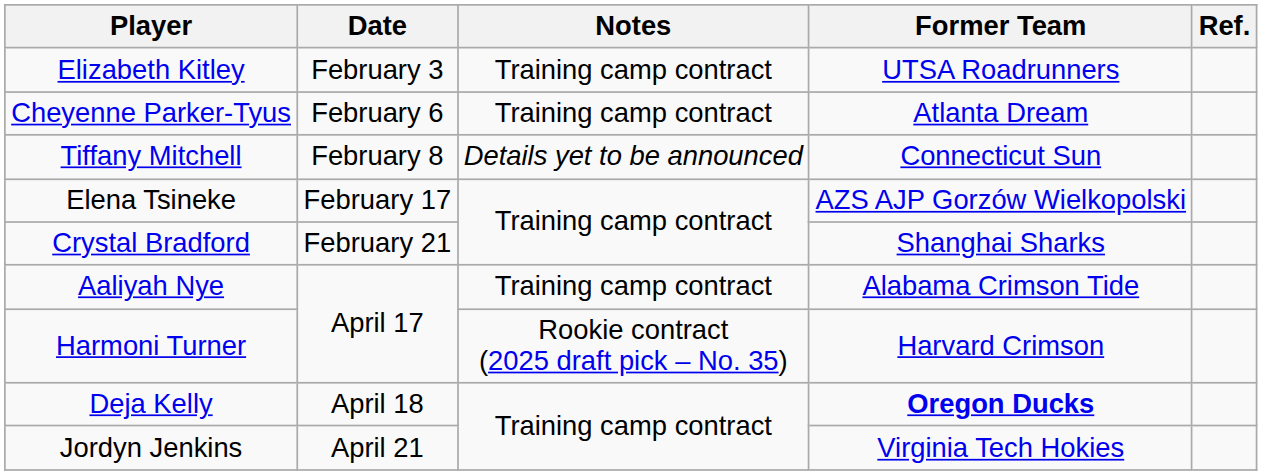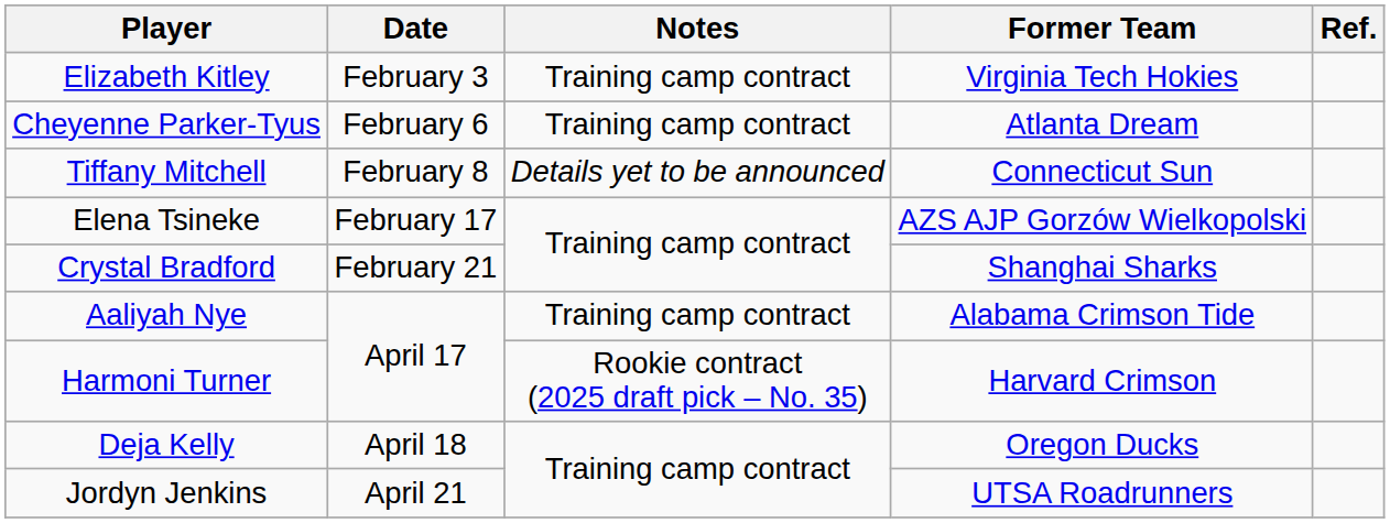 <table class="wikitable sortable sortable" style="text-align: center">
 <tr>
 <th>Player</th>
 <th>Date</th>
 <th>Notes</th>
 <th>Former Team</th>
 <th>Ref.</th>
 </tr>
 <tr>
 <td><a href='#'>Elizabeth Kitley</a></td>
 <td>February 3</td>
 <td>Training camp contract</td>
-<td><a href='#'>UTSA Roadrunners</a></td>
+<td><a href='#'>Virginia Tech Hokies</a></td>
 <td></td>
 </tr>
 <tr>
 <td><a href='#'>Cheyenne Parker-Tyus</a></td>
 <td>February 6</td>
 <td>Training camp contract</td>
 <td><a href='#'>Atlanta Dream</a></td>
 <td></td>
 </tr>
 <tr>
 <td><a href='#'>Tiffany Mitchell</a></td>
 <td>February 8</td>
 <td><em>Details yet to be announced</em></td>
 <td><a href='#'>Connecticut Sun</a></td>
 <td></td>
 </tr>
 <tr>
 <td>Elena Tsineke</td>
 <td>February 17</td>
 <td rowspan=2>Training camp contract</td>
 <td><a href='#'>AZS AJP Gorzów Wielkopolski</a></td>
 <td></td>
 </tr>
 <tr>
 <td><a href='#'>Crystal Bradford</a></td>
 <td>February 21</td>
 <td><a href='#'>Shanghai Sharks</a></td>
 <td></td>
 </tr>
 <tr>
 <td><a href='#'>Aaliyah Nye</a></td>
 <td rowspan=2>April 17</td>
 <td>Training camp contract</td>
 <td><a href='#'>Alabama Crimson Tide</a></td>
 <td></td>
 </tr>
 <tr>
 <td><a href='#'>Harmoni Turner</a></td>
 <td>Rookie contract<br>(<a href='#'>2025 draft pick – No. 35</a>)</td>
 <td><a href='#'>Harvard Crimson</a></td>
 <td></td>
 </tr>
 <tr>
 <td><a href='#'>Deja Kelly</a></td>
 <td>April 18</td>
 <td rowspan=2>Training camp contract</td>
-<td><strong><a href='#'>Oregon Ducks</a></strong></td>
+<td><a href='#'>Oregon Ducks</a></td>
 <td></td>
 </tr>
 <tr>
 <td>Jordyn Jenkins</td>
 <td>April 21</td>
-<td><a href='#'>Virginia Tech Hokies</a></td>
+<td><a href='#'>UTSA Roadrunners</a></td>
 <td></td>
 </tr>
 </table>
